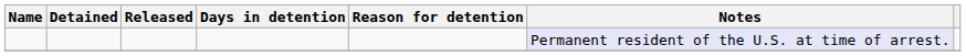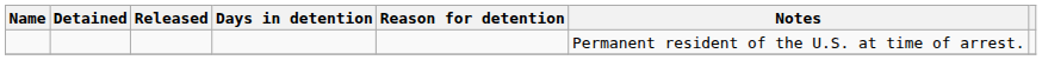 <table class="wikitable sortable">
 <tr>
 <th>Name</th>
 <th>Detained</th>
 <th>Released</th>
 <th>Days in detention</th>
 <th>Reason for detention</th>
 <th>Notes</th>
 <th class="unsortable"></th>
 </tr>
 <tr>
 <td></td>
 <td></td>
 <td></td>
 <td></td>
 <td></td>
-<td style="background: lavender;">Permanent resident of the U.S. at time of arrest.</td>
+<td>Permanent resident of the U.S. at time of arrest.</td>
 <td align="center"></td>
 </tr>
 <tr>
 </tr>
 </table>
